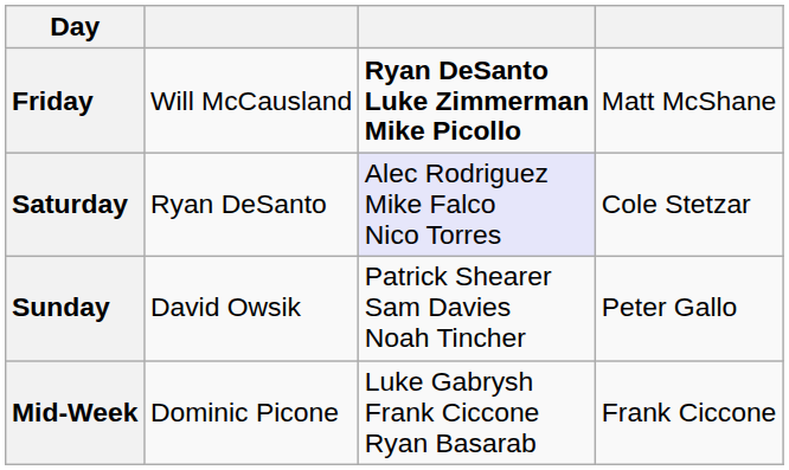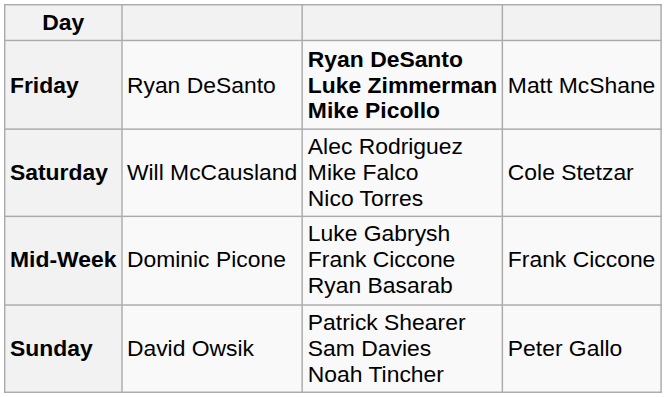 <table class="wikitable non-sortable">
 <tr>
 <th style="text-align:center;">Day</th>
 <th style="text-align:center;"></th>
 <th style="text-align:center;"></th>
 <th style="text-align:center;"></th>
 </tr>
 <tr>
 <th style="text-align:left; ">Friday</th>
-<td>Will McCausland</td>
+<td>Ryan DeSanto</td>
 <td><strong>Ryan DeSanto<br>Luke Zimmerman<br>Mike Picollo</strong></td>
 <td>Matt McShane</td>
 </tr>
 <tr>
 <th style="text-align:left; ">Saturday</th>
-<td>Ryan DeSanto</td>
-<td style="background: lavender;">Alec Rodriguez<br>Mike Falco<br>Nico Torres</td>
+<td>Will McCausland</td>
+<td>Alec Rodriguez<br>Mike Falco<br>Nico Torres</td>
 <td>Cole Stetzar</td>
+</tr>
+<tr>
+<th style="text-align:left; ">Mid-Week</th>
+<td>Dominic Picone</td>
+<td>Luke Gabrysh<br>Frank Ciccone<br>Ryan Basarab</td>
+<td>Frank Ciccone</td>
 </tr>
 <tr>
 <th style="text-align:left; ">Sunday</th>
 <td>David Owsik</td>
 <td>Patrick Shearer<br>Sam Davies<br>Noah Tincher</td>
 <td>Peter Gallo</td>
 </tr>
-<tr>
-<th style="text-align:left; ">Mid-Week</th>
-<td>Dominic Picone</td>
-<td>Luke Gabrysh<br>Frank Ciccone<br>Ryan Basarab</td>
-<td>Frank Ciccone</td>
-</tr>
 </table>
